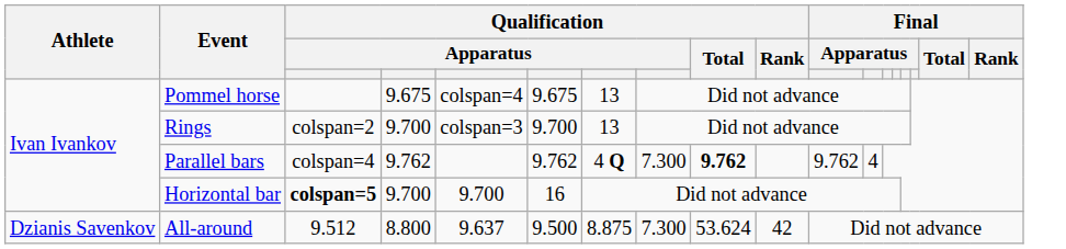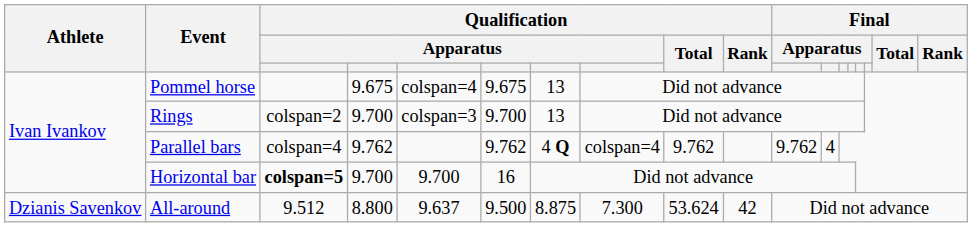 <table class="wikitable" style="font-size:90%">
 <tr>
 <th rowspan=3>Athlete</th>
 <th rowspan=3>Event</th>
 <th colspan =8>Qualification</th>
 <th colspan =8>Final</th>
 </tr>
 <tr style="font-size:95%">
 <th colspan=6>Apparatus</th>
 <th rowspan=2>Total</th>
 <th rowspan=2>Rank</th>
 <th colspan=6>Apparatus</th>
 <th rowspan=2>Total</th>
 <th rowspan=2>Rank</th>
 </tr>
 <tr style="font-size:95%">
 <th></th>
 <th></th>
 <th></th>
 <th></th>
 <th></th>
 <th></th>
 <th></th>
 <th></th>
 <th></th>
 <th></th>
 <th></th>
 <th></th>
 </tr>
 <tr align=center>
 <td align=left rowspan=4><a href='#'>Ivan Ivankov</a></td>
 <td align=left><a href='#'>Pommel horse</a></td>
 <td></td>
 <td>9.675</td>
 <td>colspan=4 </td>
 <td>9.675</td>
 <td>13</td>
 <td colspan=8>Did not advance</td>
 </tr>
 <tr align=center>
 <td align=left><a href='#'>Rings</a></td>
 <td>colspan=2 </td>
 <td>9.700</td>
 <td>colspan=3 </td>
 <td>9.700</td>
 <td>13</td>
 <td colspan=8>Did not advance</td>
 </tr>
 <tr align=center>
 <td align=left><a href='#'>Parallel bars</a></td>
 <td>colspan=4 </td>
 <td>9.762</td>
 <td></td>
 <td>9.762</td>
 <td>4 <strong>Q</strong></td>
-<td>7.300</td>
-<td><strong>9.762</strong></td>
+<td>colspan=4 </td>
+<td>9.762</td>
 <td></td>
 <td>9.762</td>
 <td>4</td>
 </tr>
 <tr align=center>
 <td align=left><a href='#'>Horizontal bar</a></td>
 <td><strong>colspan=5 </strong></td>
 <td>9.700</td>
 <td>9.700</td>
 <td>16</td>
 <td colspan=8>Did not advance</td>
 </tr>
 <tr align=center>
 <td align=left><a href='#'>Dzianis Savenkov</a></td>
 <td align=left><a href='#'>All-around</a></td>
 <td>9.512</td>
 <td>8.800</td>
 <td>9.637</td>
 <td>9.500</td>
 <td>8.875</td>
 <td>7.300</td>
 <td>53.624</td>
 <td>42</td>
 <td colspan=8>Did not advance</td>
 </tr>
 </table>
